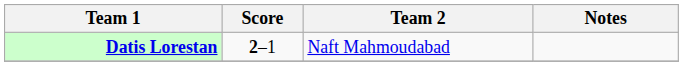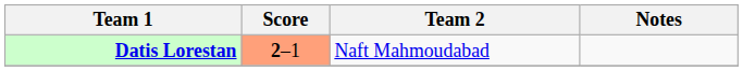 <table class="wikitable" style="text-align:center">
 <tr>
 <th width=250>Team 1</th>
 <th width=80>Score</th>
 <th width=250>Team 2</th>
 <th width=165>Notes</th>
 </tr>
 <tr>
 <td style="background:#cfc;" align="right"><strong><a href='#'>Datis Lorestan</a></strong></td>
-<td><strong>2</strong>–1</td>
+<td style="background: lightsalmon;"><strong>2</strong>–1</td>
 <td align="left"><a href='#'>Naft Mahmoudabad</a></td>
 <td></td>
 </tr>
 <tr>
 </tr>
 </table>
